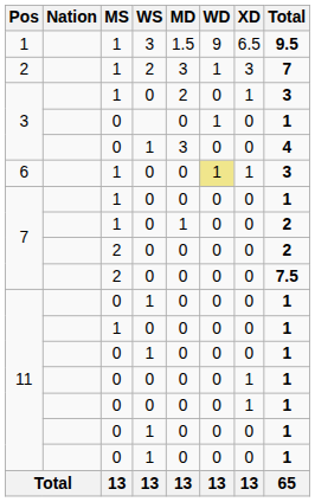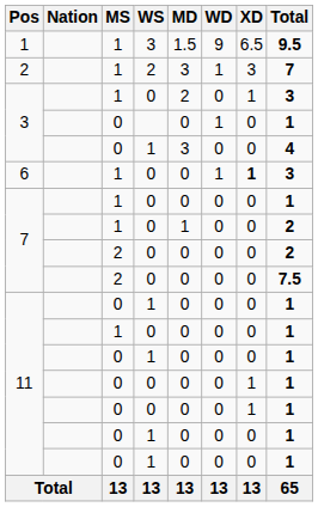 <table class="wikitable" style="text-align:center">
 <tr>
 <th>Pos</th>
 <th>Nation</th>
 <th>MS</th>
 <th>WS</th>
 <th>MD</th>
 <th>WD</th>
 <th>XD</th>
 <th>Total</th>
 </tr>
 <tr>
 <td>1</td>
 <td align=left><strong></strong></td>
 <td>1</td>
 <td>3</td>
 <td>1.5</td>
 <td>9</td>
 <td>6.5</td>
 <td><strong>9.5</strong></td>
 </tr>
 <tr>
 <td>2</td>
 <td align=left></td>
 <td>1</td>
 <td>2</td>
 <td>3</td>
 <td>1</td>
 <td>3</td>
 <td><strong>7</strong></td>
 </tr>
 <tr>
 <td rowspan=3>3</td>
 <td align=left></td>
 <td>1</td>
 <td>0</td>
 <td>2</td>
 <td>0</td>
 <td>1</td>
 <td><strong>3</strong></td>
 </tr>
 <tr>
 <td align=left></td>
 <td>0</td>
 <td></td>
 <td>0</td>
 <td>1</td>
 <td>0</td>
 <td><strong>1</strong></td>
 </tr>
 <tr>
 <td align=left></td>
 <td>0</td>
 <td>1</td>
 <td>3</td>
 <td>0</td>
 <td>0</td>
 <td><strong>4</strong></td>
 </tr>
 <tr>
 <td>6</td>
 <td align=left></td>
 <td>1</td>
 <td>0</td>
 <td>0</td>
-<td style="background: khaki;">1</td>
 <td>1</td>
+<td><strong>1</strong></td>
 <td><strong>3</strong></td>
 </tr>
 <tr>
 <td rowspan=4>7</td>
 <td align=left></td>
 <td>1</td>
 <td>0</td>
 <td>0</td>
 <td>0</td>
 <td>0</td>
 <td><strong>1</strong></td>
 </tr>
 <tr>
 <td align=left></td>
 <td>1</td>
 <td>0</td>
 <td>1</td>
 <td>0</td>
 <td>0</td>
 <td><strong>2</strong></td>
 </tr>
 <tr>
 <td align=left></td>
 <td>2</td>
 <td>0</td>
 <td>0</td>
 <td>0</td>
 <td>0</td>
 <td><strong>2</strong></td>
 </tr>
 <tr>
 <td align=left></td>
 <td>2</td>
 <td>0</td>
 <td>0</td>
 <td>0</td>
 <td>0</td>
 <td><strong>7.5</strong></td>
 </tr>
 <tr>
 <td rowspan=7>11</td>
 <td align=left></td>
 <td>0</td>
 <td>1</td>
 <td>0</td>
 <td>0</td>
 <td>0</td>
 <td><strong>1</strong></td>
 </tr>
 <tr>
 <td align=left></td>
 <td>1</td>
 <td>0</td>
 <td>0</td>
 <td>0</td>
 <td>0</td>
 <td><strong>1</strong></td>
 </tr>
 <tr>
 <td align=left></td>
 <td>0</td>
 <td>1</td>
 <td>0</td>
 <td>0</td>
 <td>0</td>
 <td><strong>1</strong></td>
 </tr>
 <tr>
 <td align=left></td>
 <td>0</td>
 <td>0</td>
 <td>0</td>
 <td>0</td>
 <td>1</td>
 <td><strong>1</strong></td>
 </tr>
 <tr>
 <td align=left></td>
 <td>0</td>
 <td>0</td>
 <td>0</td>
 <td>0</td>
 <td>1</td>
 <td><strong>1</strong></td>
 </tr>
 <tr>
 <td align=left></td>
 <td>0</td>
 <td>1</td>
 <td>0</td>
 <td>0</td>
 <td>0</td>
 <td><strong>1</strong></td>
 </tr>
 <tr>
 <td align=left></td>
 <td>0</td>
 <td>1</td>
 <td>0</td>
 <td>0</td>
 <td>0</td>
 <td><strong>1</strong></td>
 </tr>
 <tr>
 <th colspan="2">Total</th>
 <th>13</th>
 <th>13</th>
 <th>13</th>
 <th>13</th>
 <th>13</th>
 <th>65</th>
 </tr>
 </table>
